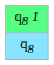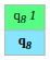 <table class="wikitable" style="text-align:center;">
 <tr>
 <td bgcolor="#55FF83" width="40">q<em><sub>8</sub> 1</td>
 </tr>
 <tr>
-<td bgcolor="#87E6FF" width="40"></em>q<em><sub>8</sub></td>
+<td bgcolor="#87E6FF" width="40"><strong></em>q<em><sub>8</sub></strong></td>
 </tr>
 </table>
